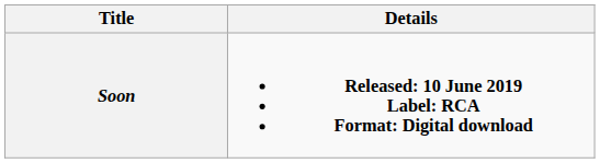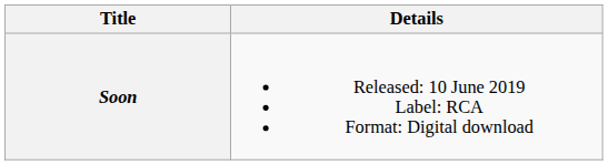 <table class="wikitable plainrowheaders" style="text-align:center;">
 <tr>
 <th scope="col" style="width:12em;">Title</th>
 <th scope="col" style="width:20em;">Details</th>
 </tr>
 <tr>
 <th scope="row"><em>Soon</em></th>
-<td><strong><br><ul><li>Released: 10 June 2019</li><li>Label: RCA</li><li>Format: Digital download</li></ul></strong></td>
+<td><br><ul><li>Released: 10 June 2019</li><li>Label: RCA</li><li>Format: Digital download</li></ul></td>
 </tr>
 </table>
